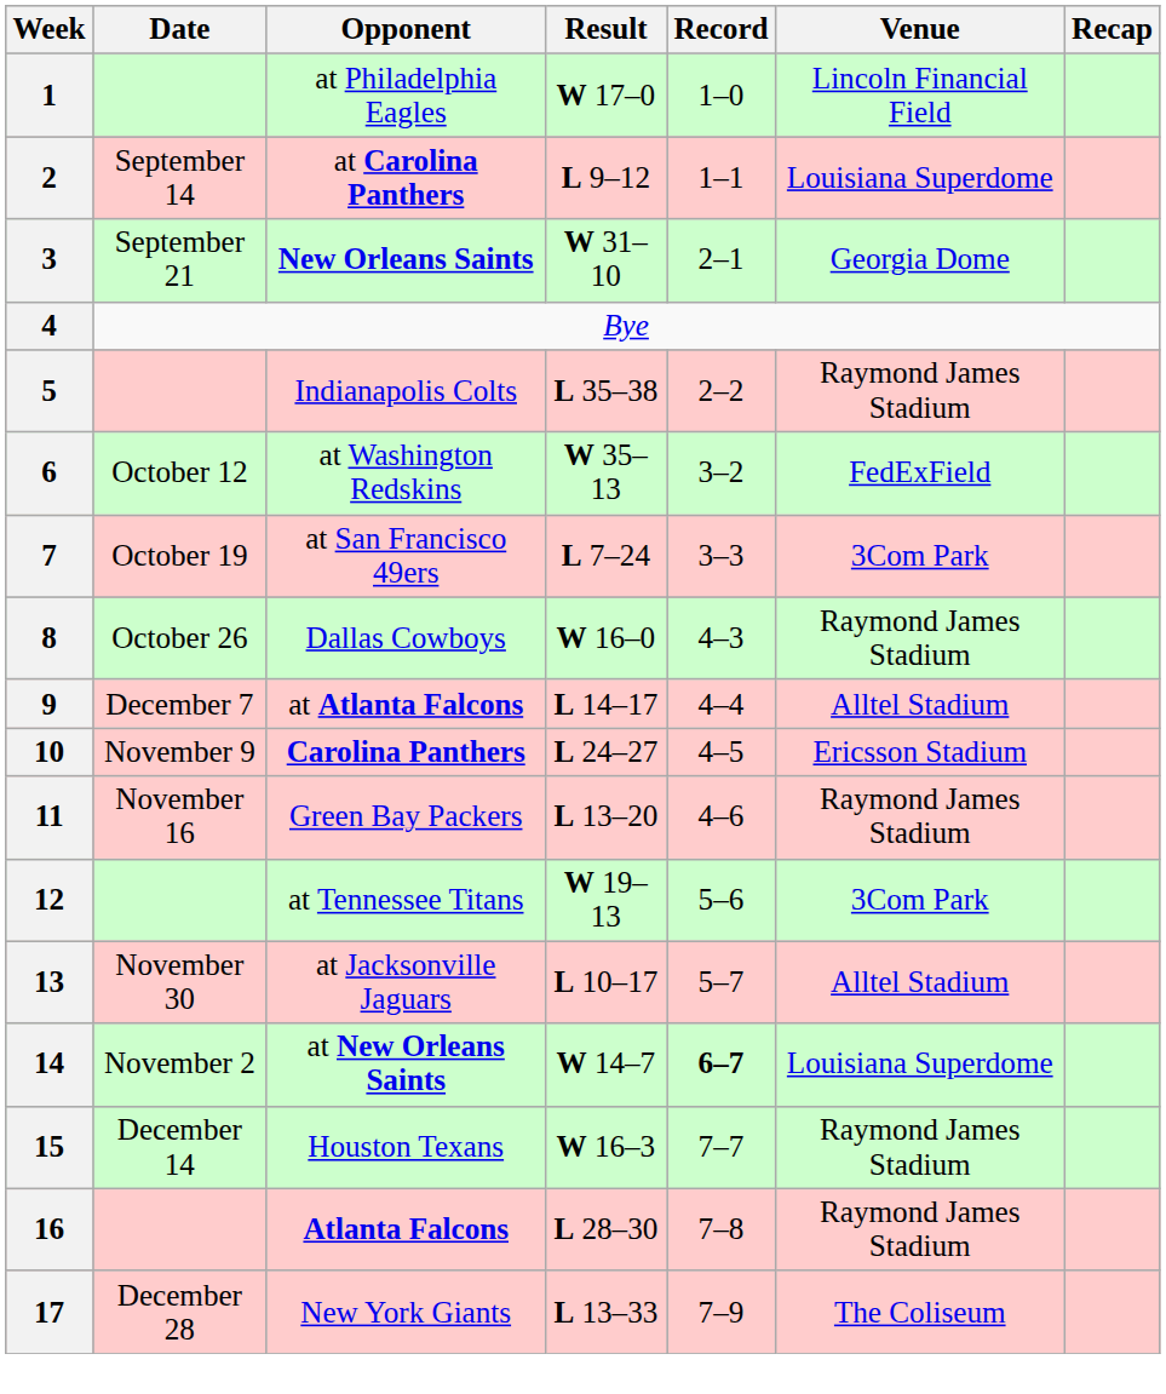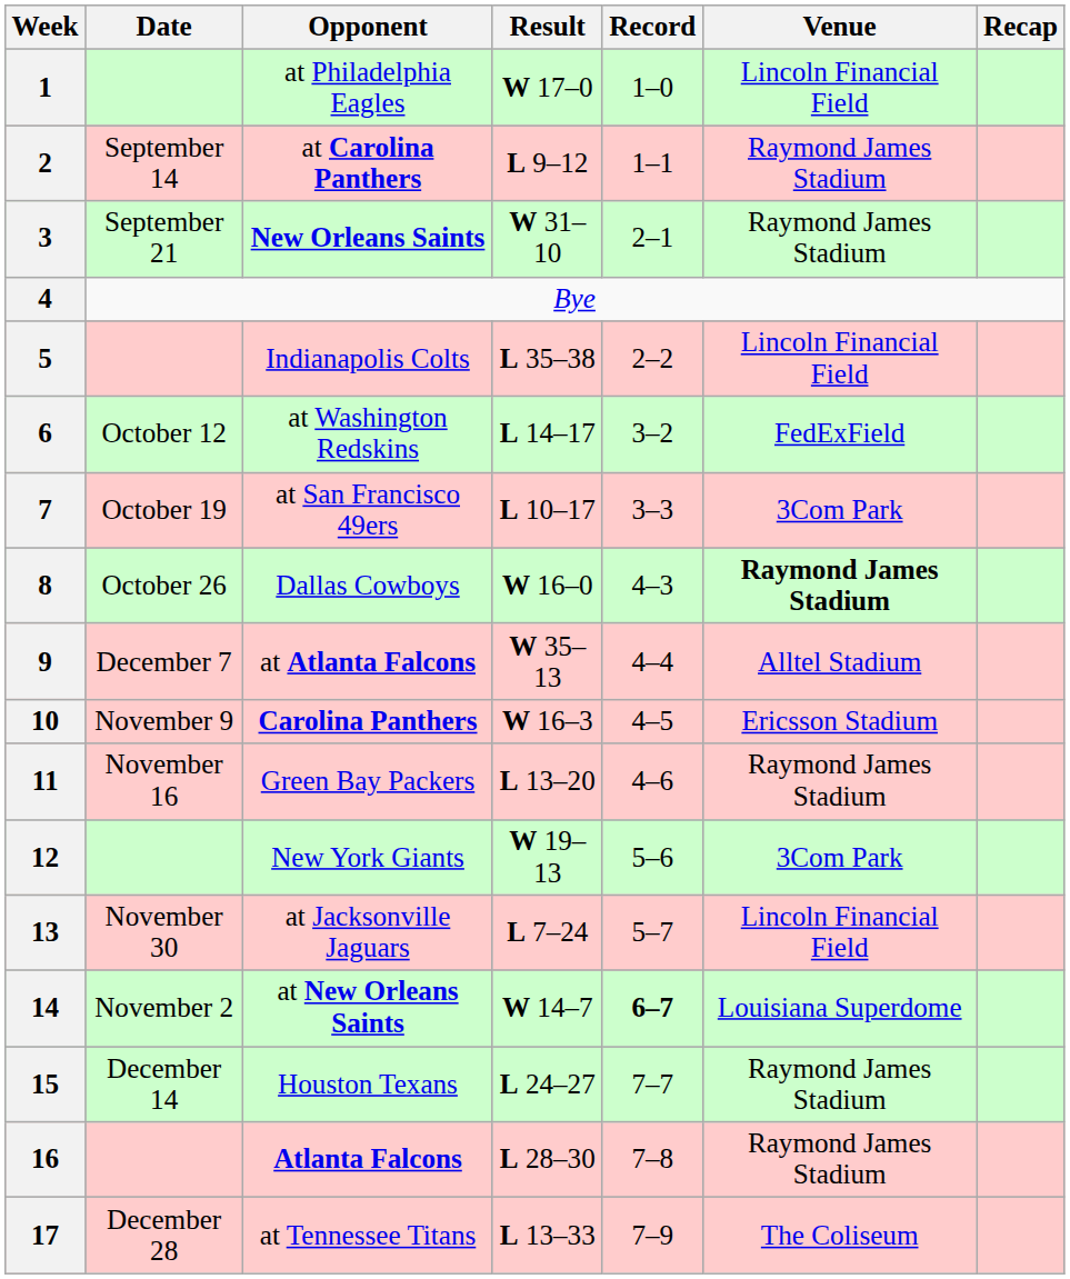 <table class="wikitable" style="text-align:center">
 <tr>
 <th>Week</th>
 <th>Date</th>
 <th>Opponent</th>
 <th>Result</th>
 <th>Record</th>
 <th>Venue</th>
 <th>Recap</th>
 </tr>
 <tr style="background:#cfc;">
 <th style="text-align:center;">1</th>
 <td style="text-align:center;"></td>
 <td>at <a href='#'>Philadelphia Eagles</a></td>
 <td style="text-align:center;"><strong>W</strong> 17–0</td>
 <td style="text-align:center;">1–0</td>
 <td style="text-align:center;"><a href='#'>Lincoln Financial Field</a></td>
 <td style="text-align:center;"></td>
 </tr>
 <tr style="background:#fcc;">
 <th style="text-align:center;">2</th>
 <td style="text-align:center;">September 14</td>
 <td>at <strong><a href='#'>Carolina Panthers</a></strong></td>
 <td style="text-align:center;"><strong>L</strong> 9–12 </td>
 <td style="text-align:center;">1–1</td>
-<td style="text-align:center;"><a href='#'>Louisiana Superdome</a></td>
+<td style="text-align:center;"><a href='#'>Raymond James Stadium</a></td>
 <td style="text-align:center;"></td>
 </tr>
 <tr style="background:#cfc;">
 <th style="text-align:center;">3</th>
 <td style="text-align:center;">September 21</td>
 <td><strong><a href='#'>New Orleans Saints</a></strong></td>
 <td style="text-align:center;"><strong>W</strong> 31–10</td>
 <td style="text-align:center;">2–1</td>
-<td style="text-align:center;"><a href='#'>Georgia Dome</a></td>
+<td style="text-align:center;">Raymond James Stadium</td>
 <td style="text-align:center;"></td>
 </tr>
 <tr>
 <th style="text-align:center;">4</th>
 <td colspan="8"  style="text-align:center; vertical-align:middle;"><em><a href='#'>Bye</a></em></td>
 </tr>
 <tr style="background:#fcc;">
 <th style="text-align:center;">5</th>
 <td style="text-align:center;"></td>
 <td><a href='#'>Indianapolis Colts</a></td>
 <td style="text-align:center;"><strong>L</strong> 35–38 </td>
 <td style="text-align:center;">2–2</td>
-<td style="text-align:center;">Raymond James Stadium</td>
+<td style="text-align:center;"><a href='#'>Lincoln Financial Field</a></td>
 <td style="text-align:center;"></td>
 </tr>
 <tr style="background:#cfc;">
 <th style="text-align:center;">6</th>
 <td style="text-align:center;">October 12</td>
 <td>at <a href='#'>Washington Redskins</a></td>
-<td style="text-align:center;"><strong>W</strong> 35–13</td>
+<td style="text-align:center;"><strong>L</strong> 14–17</td>
 <td style="text-align:center;">3–2</td>
 <td style="text-align:center;"><a href='#'>FedExField</a></td>
 <td style="text-align:center;"></td>
 </tr>
 <tr style="background:#fcc;">
 <th style="text-align:center;">7</th>
 <td style="text-align:center;">October 19</td>
 <td>at <a href='#'>San Francisco 49ers</a></td>
-<td style="text-align:center;"><strong>L</strong> 7–24</td>
+<td style="text-align:center;"><strong>L</strong> 10–17</td>
 <td style="text-align:center;">3–3</td>
 <td style="text-align:center;"><a href='#'>3Com Park</a></td>
 <td style="text-align:center;"></td>
 </tr>
 <tr style="background:#cfc;">
 <th style="text-align:center;">8</th>
 <td style="text-align:center;">October 26</td>
 <td><a href='#'>Dallas Cowboys</a></td>
 <td style="text-align:center;"><strong>W</strong> 16–0</td>
 <td style="text-align:center;">4–3</td>
-<td style="text-align:center;">Raymond James Stadium</td>
+<td style="text-align:center;"><strong>Raymond James Stadium</strong></td>
 <td style="text-align:center;"></td>
 </tr>
 <tr style="background:#fcc;">
 <th style="text-align:center;">9</th>
 <td style="text-align:center;">December 7</td>
 <td>at <strong><a href='#'>Atlanta Falcons</a></strong></td>
-<td style="text-align:center;"><strong>L</strong> 14–17</td>
+<td style="text-align:center;"><strong>W</strong> 35–13</td>
 <td style="text-align:center;">4–4</td>
 <td style="text-align:center;"><a href='#'>Alltel Stadium</a></td>
 <td style="text-align:center;"></td>
 </tr>
 <tr style="background:#fcc;">
 <th style="text-align:center;">10</th>
 <td style="text-align:center;">November 9</td>
 <td><strong><a href='#'>Carolina Panthers</a></strong></td>
-<td style="text-align:center;"><strong>L</strong> 24–27</td>
+<td style="text-align:center;"><strong>W</strong> 16–3</td>
 <td style="text-align:center;">4–5</td>
 <td style="text-align:center;"><a href='#'>Ericsson Stadium</a></td>
 <td style="text-align:center;"></td>
 </tr>
 <tr style="background:#fcc;">
 <th style="text-align:center;">11</th>
 <td style="text-align:center;">November 16</td>
 <td><a href='#'>Green Bay Packers</a></td>
 <td style="text-align:center;"><strong>L</strong> 13–20</td>
 <td style="text-align:center;">4–6</td>
 <td style="text-align:center;">Raymond James Stadium</td>
 <td style="text-align:center;"></td>
 </tr>
 <tr style="background:#cfc;">
 <th style="text-align:center;">12</th>
 <td style="text-align:center;"></td>
-<td>at <a href='#'>Tennessee Titans</a></td>
+<td><a href='#'>New York Giants</a></td>
 <td style="text-align:center;"><strong>W</strong> 19–13</td>
 <td style="text-align:center;">5–6</td>
 <td style="text-align:center;"><a href='#'>3Com Park</a></td>
 <td style="text-align:center;"></td>
 </tr>
 <tr style="background:#fcc;">
 <th style="text-align:center;">13</th>
 <td style="text-align:center;">November 30</td>
 <td>at <a href='#'>Jacksonville Jaguars</a></td>
-<td style="text-align:center;"><strong>L</strong> 10–17</td>
+<td style="text-align:center;"><strong>L</strong> 7–24</td>
 <td style="text-align:center;">5–7</td>
-<td style="text-align:center;"><a href='#'>Alltel Stadium</a></td>
+<td style="text-align:center;"><a href='#'>Lincoln Financial Field</a></td>
 <td style="text-align:center;"></td>
 </tr>
 <tr style="background:#cfc;">
 <th style="text-align:center;">14</th>
 <td style="text-align:center;">November 2</td>
 <td>at <strong><a href='#'>New Orleans Saints</a></strong></td>
 <td style="text-align:center;"><strong>W</strong> 14–7</td>
 <td style="text-align:center;"><strong>6–7</strong></td>
 <td style="text-align:center;"><a href='#'>Louisiana Superdome</a></td>
 <td style="text-align:center;"></td>
 </tr>
 <tr style="background:#cfc;">
 <th style="text-align:center;">15</th>
 <td style="text-align:center;">December 14</td>
 <td><a href='#'>Houston Texans</a></td>
-<td style="text-align:center;"><strong>W</strong> 16–3</td>
+<td style="text-align:center;"><strong>L</strong> 24–27</td>
 <td style="text-align:center;">7–7</td>
 <td style="text-align:center;">Raymond James Stadium</td>
 <td style="text-align:center;"></td>
 </tr>
 <tr style="background:#fcc;">
 <th style="text-align:center;">16</th>
 <td style="text-align:center;"></td>
 <td><strong><a href='#'>Atlanta Falcons</a></strong></td>
 <td style="text-align:center;"><strong>L</strong> 28–30</td>
 <td style="text-align:center;">7–8</td>
 <td style="text-align:center;">Raymond James Stadium</td>
 <td style="text-align:center;"></td>
 </tr>
 <tr style="background:#fcc;">
 <th style="text-align:center;">17</th>
 <td style="text-align:center;">December 28</td>
-<td><a href='#'>New York Giants</a></td>
+<td>at <a href='#'>Tennessee Titans</a></td>
 <td style="text-align:center;"><strong>L</strong> 13–33</td>
 <td style="text-align:center;">7–9</td>
 <td style="text-align:center;"><a href='#'>The Coliseum</a></td>
 <td style="text-align:center;"></td>
 </tr>
 </table>
